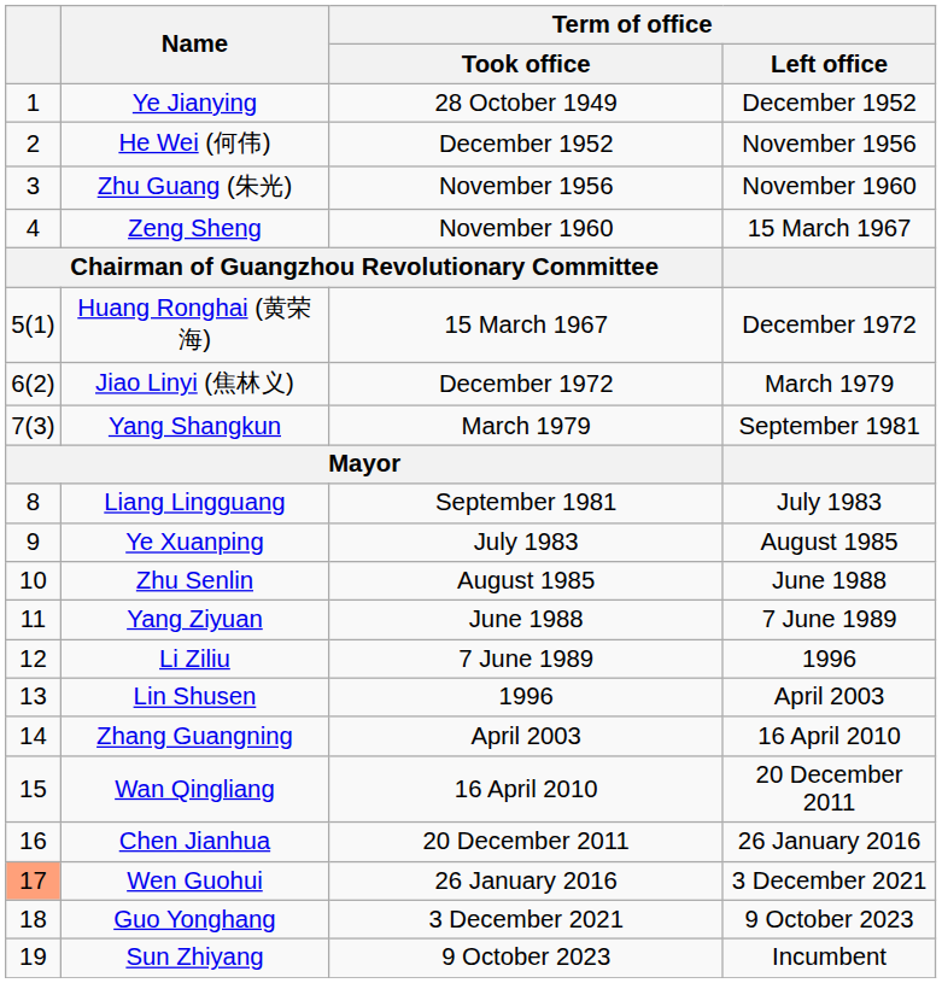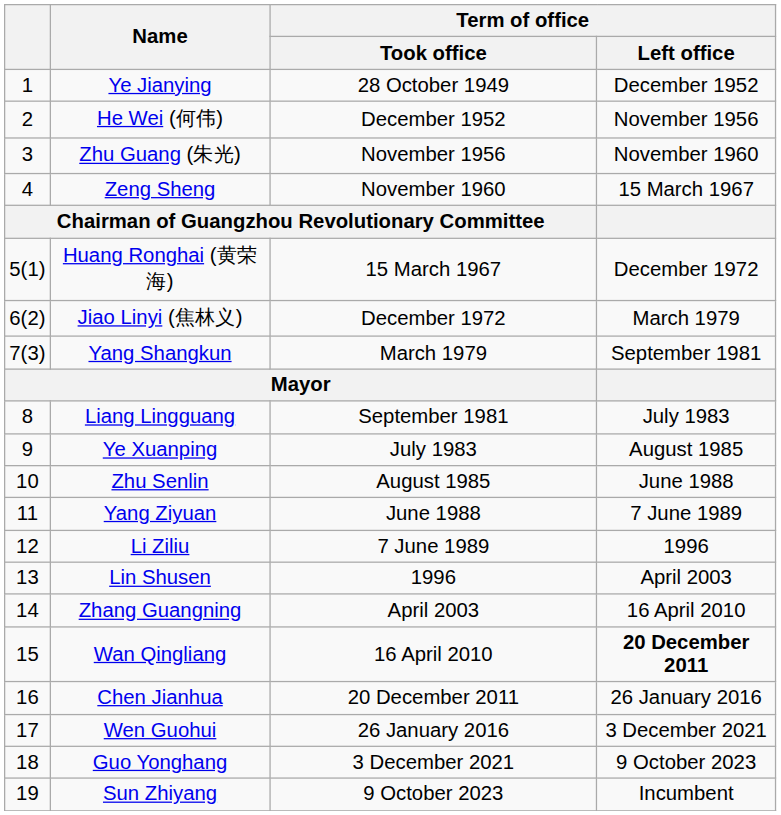 <table class="wikitable" style="text-align:center">
 <tr>
 <th rowspan="2"></th>
 <th rowspan="2">Name</th>
 <th colspan="2">Term of office</th>
 </tr>
 <tr>
 <th width="250">Took office</th>
 <th>Left office</th>
 </tr>
 <tr>
 <td>1</td>
 <td><a href='#'>Ye Jianying</a></td>
 <td>28 October 1949</td>
 <td>December 1952</td>
 </tr>
 <tr>
 <td>2</td>
 <td><a href='#'>He Wei</a> (何伟)</td>
 <td>December 1952</td>
 <td>November 1956</td>
 </tr>
 <tr>
 <td>3</td>
 <td><a href='#'>Zhu Guang</a> (朱光)</td>
 <td>November 1956</td>
 <td>November 1960</td>
 </tr>
 <tr>
 <td>4</td>
 <td><a href='#'>Zeng Sheng</a></td>
 <td>November 1960</td>
 <td>15 March 1967</td>
 </tr>
 <tr>
 <th colspan="3">Chairman of Guangzhou Revolutionary Committee</th>
 <th></th>
 </tr>
 <tr>
 <td>5(1)</td>
 <td><a href='#'>Huang Ronghai</a> (黄荣海)</td>
 <td>15 March 1967</td>
 <td>December 1972</td>
 </tr>
 <tr>
 <td>6(2)</td>
 <td><a href='#'>Jiao Linyi</a> (焦林义)</td>
 <td>December 1972</td>
 <td>March 1979</td>
 </tr>
 <tr>
 <td>7(3)</td>
 <td><a href='#'>Yang Shangkun</a></td>
 <td>March 1979</td>
 <td>September 1981</td>
 </tr>
 <tr>
 <th colspan="3">Mayor</th>
 <th></th>
 </tr>
 <tr>
 <td>8</td>
 <td><a href='#'>Liang Lingguang</a></td>
 <td>September 1981</td>
 <td>July 1983</td>
 </tr>
 <tr>
 <td>9</td>
 <td><a href='#'>Ye Xuanping</a></td>
 <td>July 1983</td>
 <td>August 1985</td>
 </tr>
 <tr>
 <td>10</td>
 <td><a href='#'>Zhu Senlin</a></td>
 <td>August 1985</td>
 <td>June 1988</td>
 </tr>
 <tr>
 <td>11</td>
 <td><a href='#'>Yang Ziyuan</a></td>
 <td>June 1988</td>
 <td>7 June 1989</td>
 </tr>
 <tr>
 <td>12</td>
 <td><a href='#'>Li Ziliu</a></td>
 <td>7 June 1989</td>
 <td>1996</td>
 </tr>
 <tr>
 <td>13</td>
 <td><a href='#'>Lin Shusen</a></td>
 <td>1996</td>
 <td>April 2003</td>
 </tr>
 <tr>
 <td>14</td>
 <td><a href='#'>Zhang Guangning</a></td>
 <td>April 2003</td>
 <td>16 April 2010</td>
 </tr>
 <tr>
 <td>15</td>
 <td><a href='#'>Wan Qingliang</a></td>
 <td>16 April 2010</td>
-<td>20 December 2011</td>
+<td><strong>20 December 2011</strong></td>
 </tr>
 <tr>
 <td>16</td>
 <td><a href='#'>Chen Jianhua</a></td>
 <td>20 December 2011</td>
 <td>26 January 2016</td>
 </tr>
 <tr>
-<td style="background: lightsalmon;">17</td>
+<td>17</td>
 <td><a href='#'>Wen Guohui</a></td>
 <td>26 January 2016</td>
 <td>3 December 2021</td>
 </tr>
 <tr>
 <td>18</td>
 <td><a href='#'>Guo Yonghang</a></td>
 <td>3 December 2021</td>
 <td>9 October 2023</td>
 </tr>
 <tr>
 <td>19</td>
 <td><a href='#'>Sun Zhiyang</a></td>
 <td>9 October 2023</td>
 <td>Incumbent</td>
 </tr>
 <tr>
 </tr>
 </table>
